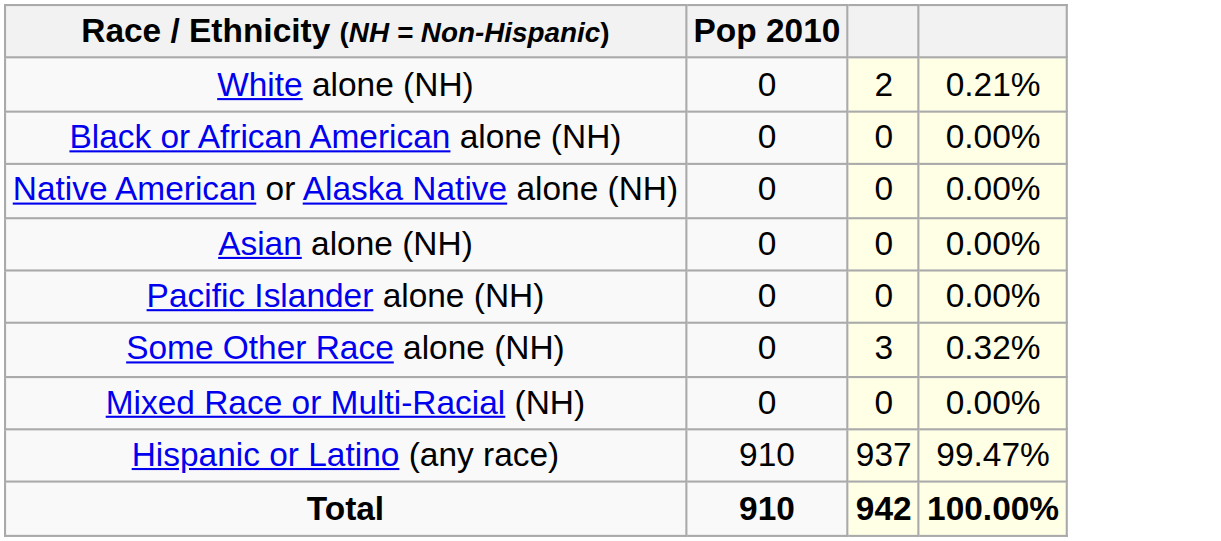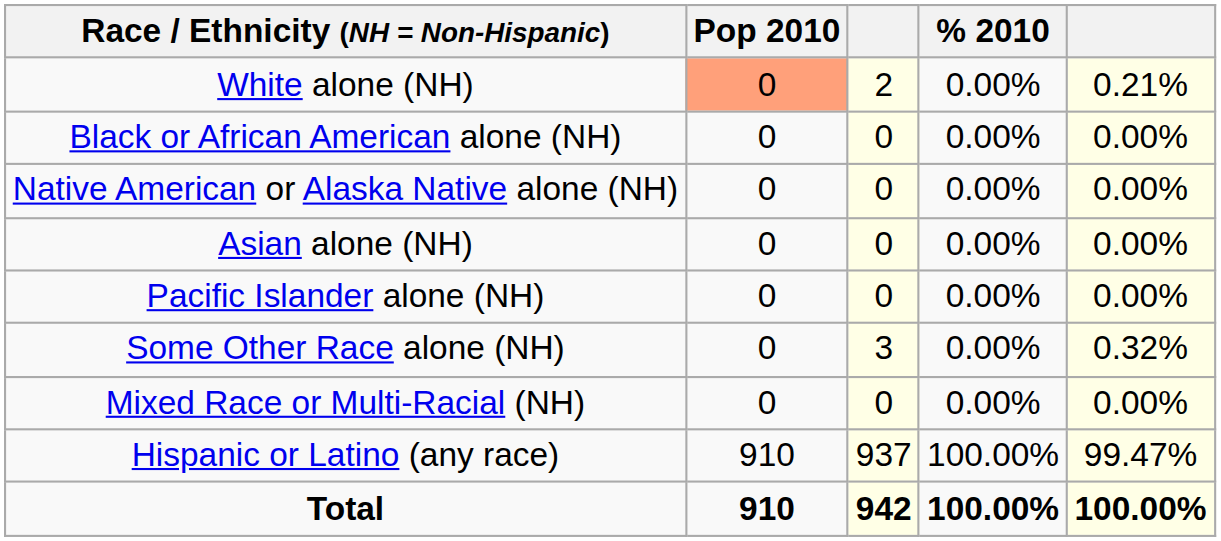 <table class="wikitable" style="text-align:center;">
 <tr>
 <th>Race / Ethnicity <small>(<em>NH = Non-Hispanic</em>)</small></th>
 <th>Pop 2010</th>
 <th></th>
+<th>% 2010</th>
 <th></th>
 </tr>
 <tr>
 <td><a href='#'>White</a> alone (NH)</td>
-<td>0</td>
+<td style="background: lightsalmon;">0</td>
 <td style='background: #ffffe6;'>2</td>
+<td>0.00%</td>
 <td style='background: #ffffe6;'>0.21%</td>
 </tr>
 <tr>
 <td><a href='#'>Black or African American</a> alone (NH)</td>
 <td>0</td>
 <td style='background: #ffffe6;'>0</td>
+<td>0.00%</td>
 <td style='background: #ffffe6;'>0.00%</td>
 </tr>
 <tr>
 <td><a href='#'>Native American</a> or <a href='#'>Alaska Native</a> alone (NH)</td>
 <td>0</td>
 <td style='background: #ffffe6;'>0</td>
+<td>0.00%</td>
 <td style='background: #ffffe6;'>0.00%</td>
 </tr>
 <tr>
 <td><a href='#'>Asian</a> alone (NH)</td>
 <td>0</td>
 <td style='background: #ffffe6;'>0</td>
+<td>0.00%</td>
 <td style='background: #ffffe6;'>0.00%</td>
 </tr>
 <tr>
 <td><a href='#'>Pacific Islander</a> alone (NH)</td>
 <td>0</td>
 <td style='background: #ffffe6;'>0</td>
+<td>0.00%</td>
 <td style='background: #ffffe6;'>0.00%</td>
 </tr>
 <tr>
 <td><a href='#'>Some Other Race</a> alone (NH)</td>
 <td>0</td>
 <td style='background: #ffffe6;'>3</td>
+<td>0.00%</td>
 <td style='background: #ffffe6;'>0.32%</td>
 </tr>
 <tr>
 <td><a href='#'>Mixed Race or Multi-Racial</a> (NH)</td>
 <td>0</td>
 <td style='background: #ffffe6;'>0</td>
+<td>0.00%</td>
 <td style='background: #ffffe6;'>0.00%</td>
 </tr>
 <tr>
 <td><a href='#'>Hispanic or Latino</a> (any race)</td>
 <td>910</td>
 <td style='background: #ffffe6;'>937</td>
+<td>100.00%</td>
 <td style='background: #ffffe6;'>99.47%</td>
 </tr>
 <tr>
 <td><strong>Total</strong></td>
 <td><strong>910</strong></td>
 <td style='background: #ffffe6;'><strong>942</strong></td>
+<td><strong>100.00%</strong></td>
 <td style='background: #ffffe6;'><strong>100.00%</strong></td>
 </tr>
 </table>
